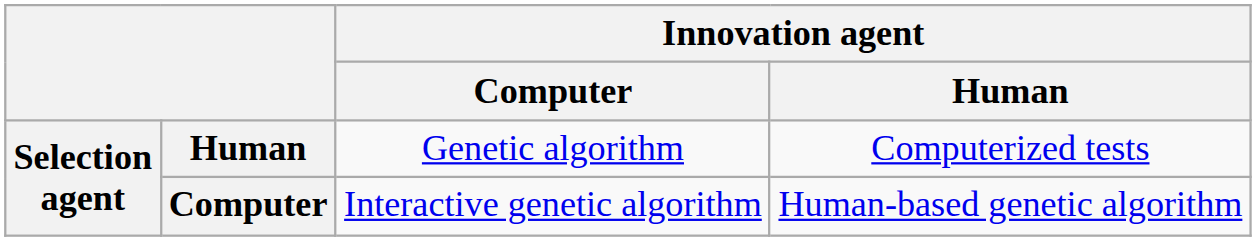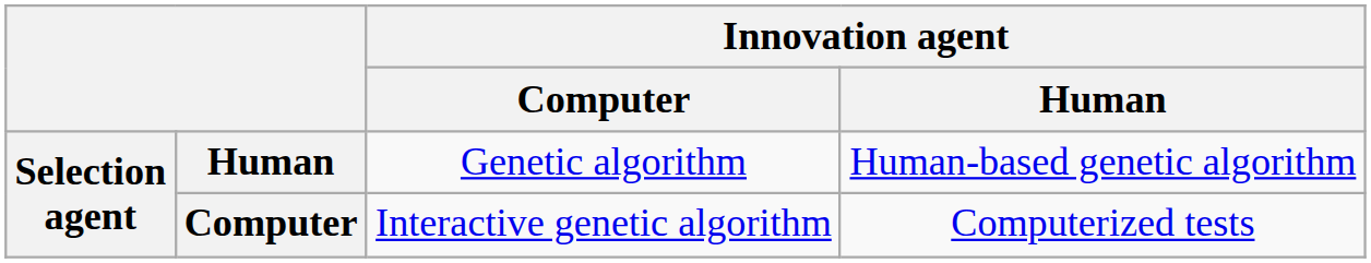 <table class="wikitable" style="text-align:center; margin:auto">
 <tr>
 <th rowspan=2 colspan=2></th>
 <th colspan=2>Innovation agent</th>
 </tr>
 <tr>
 <th>Computer</th>
 <th>Human</th>
 </tr>
 <tr>
 <th rowspan=2>Selection<br>agent</th>
 <th>Human</th>
 <td><a href='#'>Genetic algorithm</a></td>
-<td><a href='#'>Computerized tests</a></td>
+<td><a href='#'>Human-based genetic algorithm</a></td>
 </tr>
 <tr>
 <th>Computer</th>
 <td><a href='#'>Interactive genetic algorithm</a></td>
-<td><a href='#'>Human-based genetic algorithm</a></td>
+<td><a href='#'>Computerized tests</a></td>
 </tr>
 </table>
